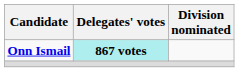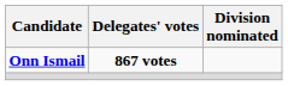 <table class=wikitable>
 <tr>
 <th>Candidate</th>
 <th>Delegates' votes</th>
 <th>Division<br>nominated</th>
 </tr>
 <tr>
 <td><strong><a href='#'>Onn Ismail</a></strong></td>
-<td align=center style="background: paleturquoise;"><strong>867 votes</strong></td>
+<td align=center><strong>867 votes</strong></td>
 <td align=center><strong></strong></td>
 </tr>
 <tr>
 <td colspan=3 bgcolor=dcdcdc></td>
 </tr>
 </table>
